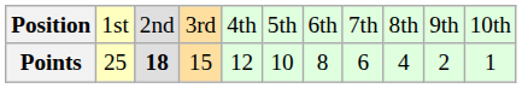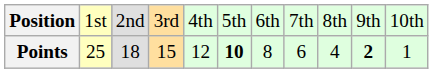 <table class="wikitable" style="font-size:85%; text-align: center;">
 <tr>
 <th>Position</th>
 <td style="background:#FFFFBF;">1st</td>
 <td style="background:#DFDFDF;">2nd</td>
 <td style="background:#FFDF9F;">3rd</td>
 <td style="background:#DFFFDF;">4th</td>
 <td style="background:#DFFFDF;">5th</td>
 <td style="background:#DFFFDF;">6th</td>
 <td style="background:#DFFFDF;">7th</td>
 <td style="background:#DFFFDF;">8th</td>
 <td style="background:#DFFFDF;">9th</td>
 <td style="background:#DFFFDF;">10th</td>
 </tr>
 <tr>
 <th>Points</th>
 <td style="background:#FFFFBF;">25</td>
-<td style="background:#DFDFDF;"><strong>18</strong></td>
+<td style="background:#DFDFDF;">18</td>
 <td style="background:#FFDF9F;">15</td>
 <td style="background:#DFFFDF;">12</td>
-<td style="background:#DFFFDF;">10</td>
+<td style="background:#DFFFDF;"><strong>10</strong></td>
 <td style="background:#DFFFDF;">8</td>
 <td style="background:#DFFFDF;">6</td>
 <td style="background:#DFFFDF;">4</td>
-<td style="background:#DFFFDF;">2</td>
+<td style="background:#DFFFDF;"><strong>2</strong></td>
 <td style="background:#DFFFDF;">1</td>
 </tr>
 </table>
